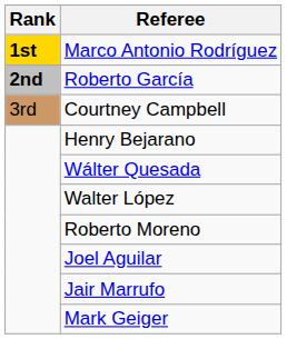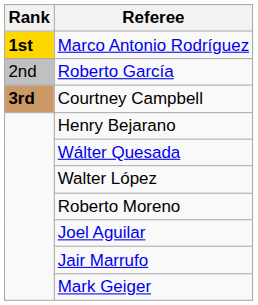 <table class="wikitable">
 <tr>
 <th>Rank</th>
 <th>Referee</th>
 </tr>
 <tr>
 <td scope=col style="background-color: gold"><strong>1st</strong></td>
 <td> <a href='#'>Marco Antonio Rodríguez</a></td>
 </tr>
 <tr>
-<td scope=col style="background-color: silver"><strong>2nd</strong></td>
+<td scope=col style="background-color: silver">2nd</td>
 <td> <a href='#'>Roberto García</a></td>
 </tr>
 <tr>
-<td scope=col style="background-color: #cc9966">3rd</td>
+<td scope=col style="background-color: #cc9966"><strong>3rd</strong></td>
 <td> Courtney Campbell</td>
 </tr>
 <tr>
 <td rowspan="7"></td>
 <td> Henry Bejarano</td>
 </tr>
 <tr>
 <td> <a href='#'>Wálter Quesada</a></td>
 </tr>
 <tr>
 <td> Walter López</td>
 </tr>
 <tr>
 <td> Roberto Moreno</td>
 </tr>
 <tr>
 <td> <a href='#'>Joel Aguilar</a></td>
 </tr>
 <tr>
 <td> <a href='#'>Jair Marrufo</a></td>
 </tr>
 <tr>
 <td> <a href='#'>Mark Geiger</a></td>
 </tr>
 </table>
